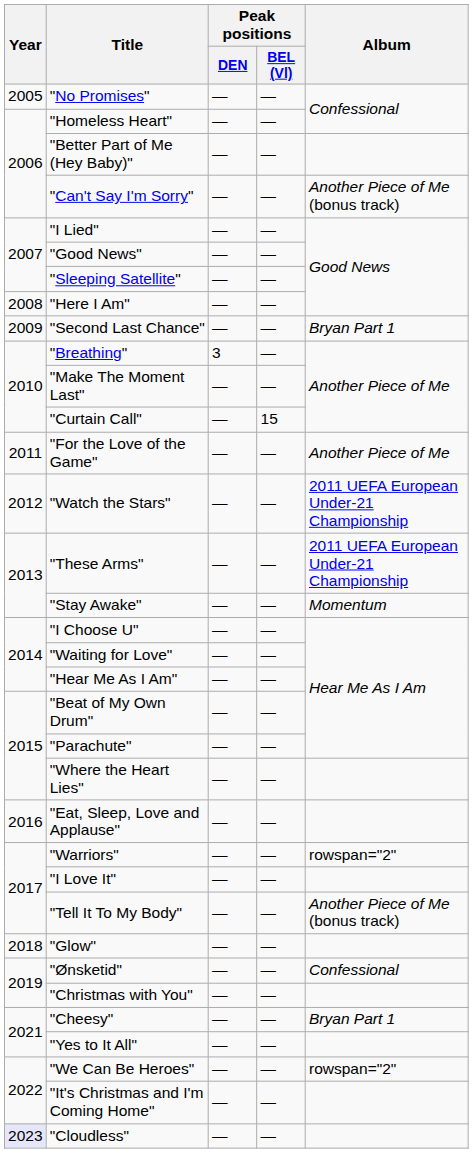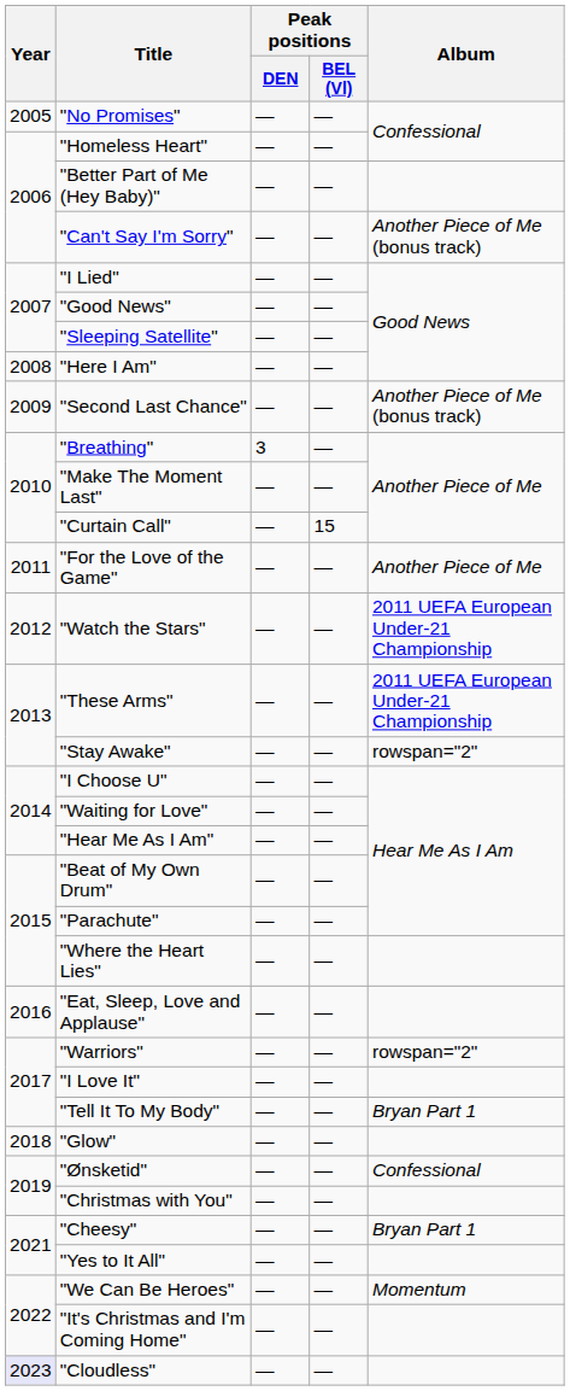 <table class="wikitable">
 <tr>
 <th align="center" rowspan="2" width="10">Year</th>
 <th align="center" rowspan="2" width="160">Title</th>
 <th align="center" colspan="2" width="20">Peak positions</th>
 <th align="center" rowspan="2" width="160">Album</th>
 </tr>
 <tr>
 <th scope="col" style="width:3em;font-size:90%;"><a href='#'>DEN</a><br></th>
 <th scope="col" style="width:3em;font-size:90%;"><a href='#'>BEL <br> (Vl)</a><br></th>
 </tr>
 <tr>
 <td rowspan="1" align="center">2005</td>
 <td>"<a href='#'>No Promises</a>"</td>
 <td>— </td>
 <td>—</td>
 <td rowspan="2"><em>Confessional</em></td>
 </tr>
 <tr>
 <td rowspan="3" align="center">2006</td>
 <td>"Homeless Heart"</td>
 <td>— </td>
 <td>—</td>
 </tr>
 <tr>
 <td>"Better Part of Me (Hey Baby)"</td>
 <td>—</td>
 <td>—</td>
 <td></td>
 </tr>
 <tr>
 <td>"<a href='#'>Can't Say I'm Sorry</a>"</td>
 <td>— </td>
 <td>—</td>
 <td><em>Another Piece of Me</em> (bonus track)</td>
 </tr>
 <tr>
 <td rowspan="3" align="center">2007</td>
 <td>"I Lied"</td>
 <td>—</td>
 <td>—</td>
 <td rowspan="4"><em>Good News</em></td>
 </tr>
 <tr>
 <td>"Good News"</td>
 <td>—</td>
 <td>—</td>
 </tr>
 <tr>
 <td>"<a href='#'>Sleeping Satellite</a>"</td>
 <td>—</td>
 <td>—</td>
 </tr>
 <tr>
 <td rowspan="1" align="center">2008</td>
 <td>"Here I Am"</td>
 <td>—</td>
 <td>—</td>
 </tr>
 <tr>
 <td rowspan="1" align="center">2009</td>
 <td>"Second Last Chance"</td>
 <td>—</td>
 <td>—</td>
-<td><em>Bryan Part 1</em></td>
+<td><em>Another Piece of Me</em> (bonus track)</td>
 </tr>
 <tr>
 <td rowspan="3" align="center">2010</td>
 <td>"<a href='#'>Breathing</a>"</td>
 <td>3</td>
 <td>—</td>
 <td rowspan="3"><em>Another Piece of Me</em></td>
 </tr>
 <tr>
 <td>"Make The Moment Last"</td>
 <td>—</td>
 <td>—</td>
 </tr>
 <tr>
 <td>"Curtain Call"<br> </td>
 <td>—</td>
 <td>15</td>
 </tr>
 <tr>
 <td rowspan="1" align="center">2011</td>
 <td>"For the Love of the Game"</td>
 <td>—</td>
 <td>—</td>
 <td><em>Another Piece of Me</em></td>
 </tr>
 <tr>
 <td rowspan="1" align="center">2012</td>
 <td>"Watch the Stars"<br> </td>
 <td>—</td>
 <td>— </td>
 <td><a href='#'>2011 UEFA European Under-21 Championship</a></td>
 </tr>
 <tr>
 <td rowspan="2" align="center">2013</td>
 <td>"These Arms"</td>
 <td>—</td>
 <td>—</td>
 <td><a href='#'>2011 UEFA European Under-21 Championship</a></td>
 </tr>
 <tr>
 <td>"Stay Awake"<br> </td>
 <td>—</td>
 <td>—</td>
-<td><em>Momentum</em></td>
+<td>rowspan="2" </td>
 </tr>
 <tr>
 <td rowspan="3" align="center">2014</td>
 <td>"I Choose U"</td>
 <td>—</td>
 <td>—</td>
 <td rowspan="5"><em>Hear Me As I Am</em></td>
 </tr>
 <tr>
 <td>"Waiting for Love"</td>
 <td>—</td>
 <td>—</td>
 </tr>
 <tr>
 <td>"Hear Me As I Am"</td>
 <td>—</td>
 <td>—</td>
 </tr>
 <tr>
 <td rowspan="3" align="center">2015</td>
 <td>"Beat of My Own Drum"</td>
 <td>—</td>
 <td>—</td>
 </tr>
 <tr>
 <td>"Parachute"</td>
 <td>—</td>
 <td>—</td>
 </tr>
 <tr>
 <td>"Where the Heart Lies" <br> </td>
 <td>—</td>
 <td>—</td>
 <td></td>
 </tr>
 <tr>
 <td rowspan="1" align="center">2016</td>
 <td>"Eat, Sleep, Love and Applause"</td>
 <td>—</td>
 <td>—</td>
 <td></td>
 </tr>
 <tr>
 <td rowspan="3" align="center">2017</td>
 <td>"Warriors" <br> </td>
 <td>—</td>
 <td>—</td>
 <td>rowspan="2" </td>
 </tr>
 <tr>
 <td>"I Love It" <br> </td>
 <td>—</td>
 <td>—</td>
 <td></td>
 </tr>
 <tr>
 <td>"Tell It To My Body"</td>
 <td>—</td>
 <td>—</td>
-<td><em>Another Piece of Me</em> (bonus track)</td>
+<td><em>Bryan Part 1</em></td>
 </tr>
 <tr>
 <td rowspan="1" align="center">2018</td>
 <td>"Glow"<br> </td>
 <td>—</td>
 <td>—</td>
 <td></td>
 </tr>
 <tr>
 <td rowspan="2" align="center">2019</td>
 <td>"Ønsketid"<br> </td>
 <td>—</td>
 <td>—</td>
 <td><em>Confessional</em></td>
 </tr>
 <tr>
 <td>"Christmas with You"<br> </td>
 <td>—</td>
 <td>—</td>
 </tr>
 <tr>
 <td rowspan="2" align="center">2021</td>
 <td>"Cheesy"</td>
 <td>—</td>
 <td>—</td>
 <td><em>Bryan Part 1</em></td>
 </tr>
 <tr>
 <td>"Yes to It All"</td>
 <td>—</td>
 <td>—</td>
 </tr>
 <tr>
 <td rowspan="2">2022</td>
 <td>"We Can Be Heroes"</td>
 <td>—</td>
 <td>—</td>
-<td>rowspan="2" </td>
+<td><em>Momentum</em></td>
 </tr>
 <tr>
 <td>"It's Christmas and I'm Coming Home"</td>
 <td>—</td>
 <td>—</td>
 </tr>
 <tr>
 <td style="background: lavender;">2023</td>
 <td>"Cloudless"</td>
 <td>—</td>
 <td>—</td>
 <td></td>
 </tr>
 </table>
